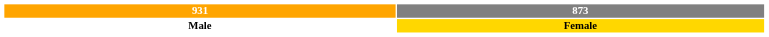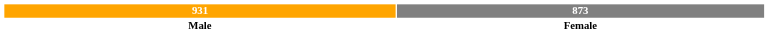 <table style="width:90%; text-align:center;">
 <tr style="color:white;">
 <td style="background:orange; width:51.6%;"><strong>931</strong></td>
 <td style="background:grey; width:48.39%;"><strong>873</strong></td>
 </tr>
 <tr>
 <td><span><strong>Male</strong></span></td>
-<td style="background: gold;"><span><strong>Female</strong></span></td>
+<td><span><strong>Female</strong></span></td>
 </tr>
 </table>
